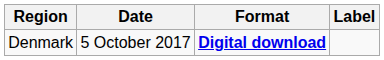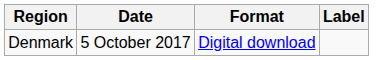 <table class=wikitable>
 <tr>
 <th>Region</th>
 <th>Date</th>
 <th>Format</th>
 <th>Label</th>
 </tr>
 <tr>
 <td>Denmark</td>
 <td>5 October 2017</td>
-<td><strong><a href='#'>Digital download</a></strong></td>
+<td><a href='#'>Digital download</a></td>
 <td></td>
 </tr>
 <tr>
 </tr>
 </table>
